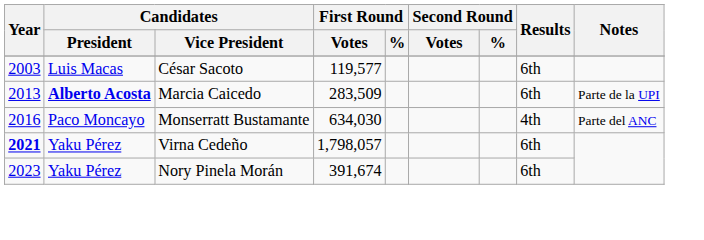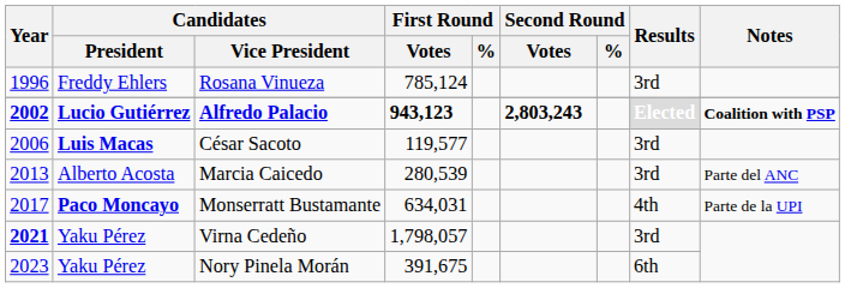 <table class="wikitable">
 <tr>
 <th rowspan="2">Year</th>
 <th colspan="2">Candidates</th>
 <th colspan="2">First Round</th>
 <th colspan="2">Second Round</th>
 <th rowspan="2">Results</th>
 <th rowspan="2">Notes</th>
 </tr>
 <tr>
 <th>President</th>
 <th>Vice President</th>
 <th>Votes</th>
 <th><strong>%</strong></th>
 <th>Votes</th>
 <th><strong>%</strong></th>
 </tr>
 <tr>
+<td><a href='#'>1996</a></td>
+<td><a href='#'>Freddy Ehlers</a></td>
+<td><a href='#'>Rosana Vinueza</a></td>
+<td valign="top" align="right">785,124</td>
+<td valign="top" align="right"></td>
+<td></td>
+<td></td>
+<td>3rd</td>
+<td></td>
 </tr>
 <tr>
-<td><a href='#'>2003</a></td>
-<td><a href='#'>Luis Macas</a></td>
+</tr>
+<tr>
+<td><a href='#'><strong>2002</strong></a></td>
+<td><strong><a href='#'>Lucio Gutiérrez</a></strong></td>
+<td><strong><a href='#'>Alfredo Palacio</a></strong></td>
+<td><strong>943,123</strong></td>
+<td valign="top" align="right"></td>
+<td><strong>2,803,243</strong></td>
+<td valign="top" align="right"></td>
+<td align="center" style="color:white; background:#DCDCDC"><strong>Elected</strong></td>
+<td><strong><small>Coalition with <a href='#'>PSP</a></small></strong></td>
+</tr>
+<tr>
+<td><a href='#'>2006</a></td>
+<td><strong><a href='#'>Luis Macas</a></strong></td>
 <td>César Sacoto</td>
 <td valign="top" align="right">119,577</td>
 <td valign="top" align="right"></td>
 <td></td>
 <td></td>
-<td>6th</td>
+<td>3rd</td>
 <td></td>
 </tr>
 <tr>
 <td><a href='#'>2013</a></td>
-<td><strong><a href='#'>Alberto Acosta</a></strong></td>
+<td><a href='#'>Alberto Acosta</a></td>
 <td>Marcia Caicedo</td>
-<td valign="top" align="right">283,509</td>
+<td valign="top" align="right">280,539</td>
 <td valign="top" align="right"></td>
 <td></td>
 <td></td>
-<td>6th</td>
-<td><small>Parte de la <a href='#'>UPI</a></small></td>
+<td>3rd</td>
+<td><small>Parte del <a href='#'>ANC</a></small></td>
 </tr>
 <tr>
-<td><a href='#'>2016</a></td>
-<td><a href='#'>Paco Moncayo</a></td>
+<td><a href='#'>2017</a></td>
+<td><strong><a href='#'>Paco Moncayo</a></strong></td>
 <td>Monserratt Bustamante</td>
-<td valign="top" align="right">634,030</td>
+<td valign="top" align="right">634,031</td>
 <td valign="top" align="right"></td>
 <td></td>
 <td></td>
 <td>4th</td>
-<td><small>Parte del <a href='#'>ANC</a></small></td>
+<td><small>Parte de la <a href='#'>UPI</a></small></td>
 </tr>
 <tr>
 <td><strong><a href='#'>2021</a></strong></td>
 <td><a href='#'>Yaku Pérez</a></td>
 <td>Virna Cedeño</td>
 <td valign="top" align="right">1,798,057</td>
 <td valign="top" align="right"></td>
 <td></td>
 <td></td>
-<td>6th</td>
+<td>3rd</td>
 </tr>
 <tr>
 <td><a href='#'>2023</a></td>
 <td><a href='#'>Yaku Pérez</a></td>
 <td>Nory Pinela Morán</td>
-<td valign="top" align="right">391,674</td>
+<td valign="top" align="right">391,675</td>
 <td valign="top" align="right"></td>
 <td></td>
 <td></td>
 <td>6th</td>
 </tr>
 </table>
